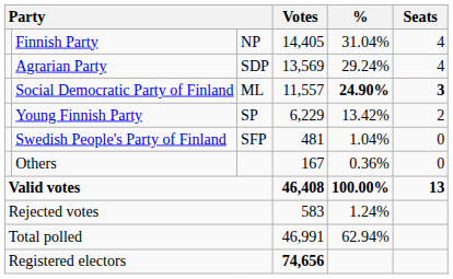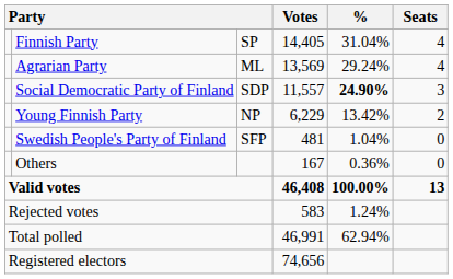 <table class="wikitable" border="1" style="text-align:right;">
 <tr>
 <th style="text-align:left;" colspan=3>Party</th>
 <th align=center width="50">Votes</th>
 <th align=center width="50">%</th>
 <th align=center width="50">Seats</th>
 </tr>
 <tr>
 <td></td>
 <td align=left><a href='#'>Finnish Party</a></td>
-<td align=left>NP</td>
+<td align=left>SP</td>
 <td>14,405</td>
 <td>31.04%</td>
 <td>4</td>
 </tr>
 <tr>
 <td></td>
 <td align=left><a href='#'>Agrarian Party</a></td>
-<td align=left>SDP</td>
+<td align=left>ML</td>
 <td>13,569</td>
 <td>29.24%</td>
 <td>4</td>
 </tr>
 <tr>
 <td></td>
 <td align=left style="white-space: nowrap;"><a href='#'>Social Democratic Party of Finland</a></td>
-<td align=left>ML</td>
+<td align=left>SDP</td>
 <td>11,557</td>
 <td><strong>24.90%</strong></td>
-<td><strong>3</strong></td>
+<td>3</td>
 </tr>
 <tr>
 <td></td>
 <td align=left><a href='#'>Young Finnish Party</a></td>
-<td align=left>SP</td>
+<td align=left>NP</td>
 <td>6,229</td>
 <td>13.42%</td>
 <td>2</td>
 </tr>
 <tr>
 <td></td>
 <td align=left><a href='#'>Swedish People's Party of Finland</a></td>
 <td align=left>SFP</td>
 <td>481</td>
 <td>1.04%</td>
 <td>0</td>
 </tr>
 <tr>
 <td></td>
 <td align=left>Others</td>
 <td align=left></td>
 <td>167</td>
 <td>0.36%</td>
 <td>0</td>
 </tr>
 <tr style="font-weight:bold">
 <td align=left colspan=3>Valid votes</td>
 <td>46,408</td>
 <td>100.00%</td>
 <td>13</td>
 </tr>
 <tr>
 <td align=left colspan=3>Rejected votes</td>
 <td>583</td>
 <td>1.24%</td>
 <td></td>
 </tr>
 <tr>
 <td align=left colspan=3>Total polled</td>
 <td>46,991</td>
 <td>62.94%</td>
 <td></td>
 </tr>
 <tr>
 <td align=left colspan=3>Registered electors</td>
-<td><strong>74,656</strong></td>
+<td>74,656</td>
 <td></td>
 <td></td>
 </tr>
 </table>
